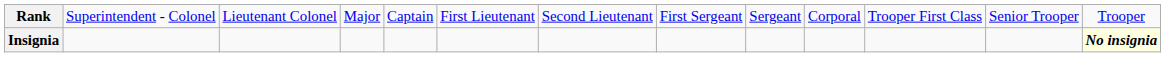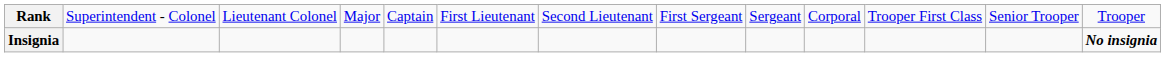 <table class="wikitable">
 <tr style="text-align:center;">
 <th>Rank</th>
 <td><a href='#'>Superintendent</a> - <a href='#'>Colonel</a></td>
 <td><a href='#'>Lieutenant Colonel</a></td>
 <td><a href='#'>Major</a></td>
 <td><a href='#'>Captain</a></td>
 <td><a href='#'>First Lieutenant</a></td>
 <td><a href='#'>Second Lieutenant</a></td>
 <td><a href='#'>First Sergeant</a></td>
 <td><a href='#'>Sergeant</a></td>
 <td><a href='#'>Corporal</a></td>
 <td><a href='#'>Trooper First Class</a></td>
 <td><a href='#'>Senior Trooper</a></td>
 <td><a href='#'>Trooper</a></td>
 </tr>
 <tr style="text-align:center;">
 <th>Insignia</th>
 <td></td>
 <td></td>
 <td></td>
 <td></td>
 <td></td>
 <td></td>
 <td></td>
 <td></td>
 <td></td>
 <td></td>
 <td></td>
-<td style="background: lightyellow;"><strong><em>No insignia</em></strong></td>
+<td><strong><em>No insignia</em></strong></td>
 </tr>
 </table>
